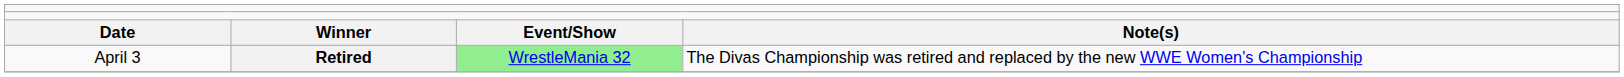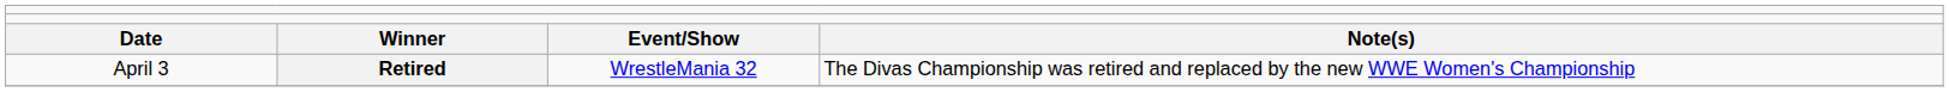 <table class="wikitable" style="text-align:center; width:100%;">
 <tr>
 <td colspan="5"></td>
 </tr>
 <tr>
 <td colspan="5"><strong></strong></td>
 </tr>
 <tr>
 <th width=14%>Date</th>
 <th width=14%>Winner</th>
 <th width=14%>Event/Show</th>
 <th width=58%>Note(s)</th>
 </tr>
 <tr>
 <td>April 3</td>
 <th>Retired</th>
-<td style="background: lightgreen;"><a href='#'>WrestleMania 32</a></td>
+<td><a href='#'>WrestleMania 32</a></td>
 <td align=left>The Divas Championship was retired and replaced by the new <a href='#'>WWE Women's Championship</a></td>
 </tr>
 <tr>
 </tr>
 </table>
